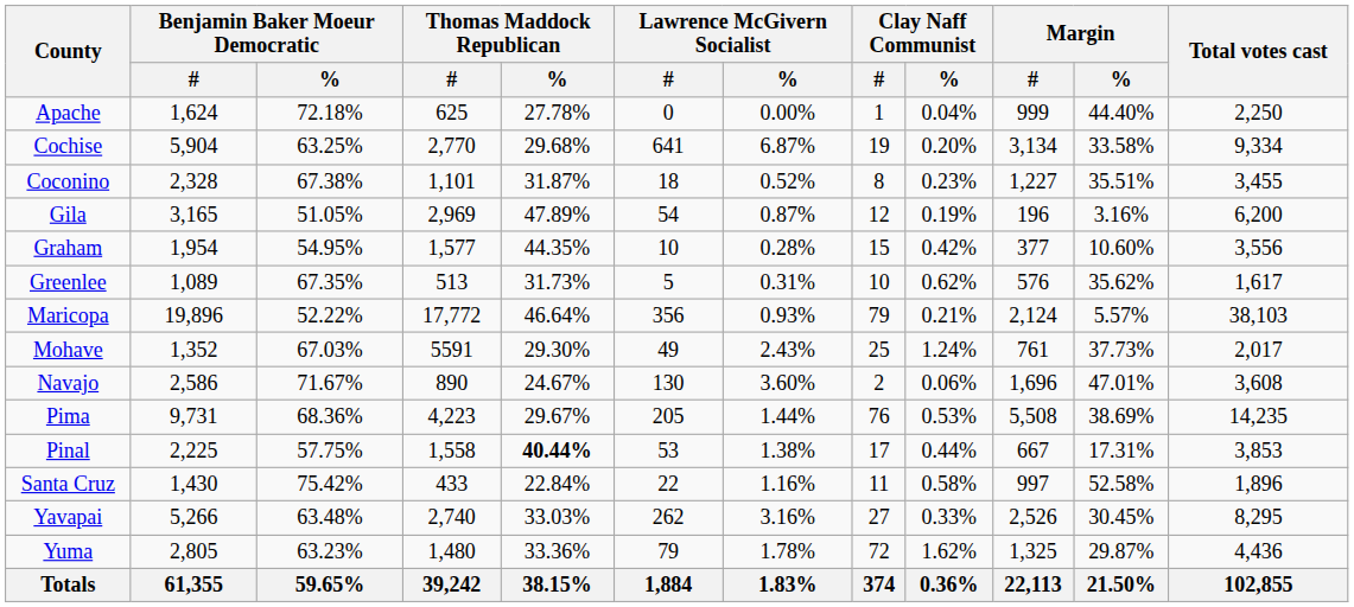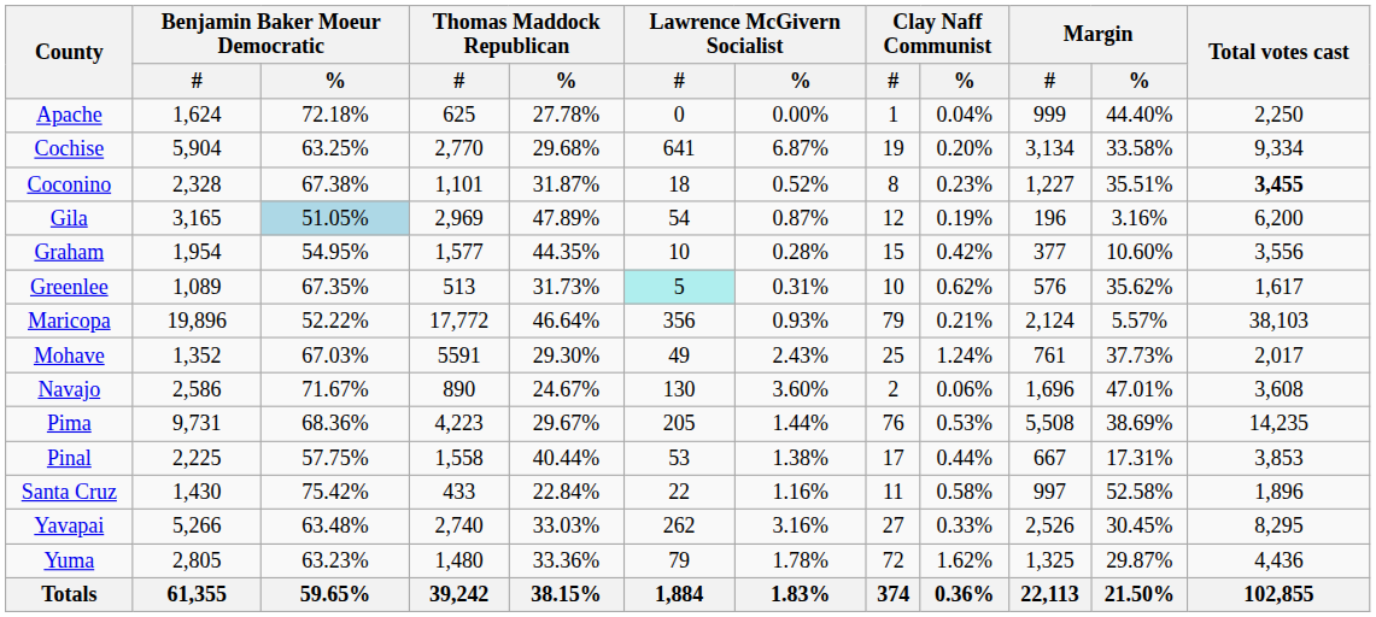 <table width="80%" class="wikitable sortable" style="text-align:center">
 <tr>
 <th rowspan="2">County</th>
 <th style="text-align:center;" colspan="2">Benjamin Baker Moeur<br>Democratic</th>
 <th style="text-align:center;" colspan="2">Thomas Maddock<br>Republican</th>
 <th style="text-align:center;" colspan="2">Lawrence McGivern<br>Socialist</th>
 <th style="text-align:center;" colspan="2">Clay Naff<br>Communist</th>
 <th style="text-align:center;" colspan="2">Margin</th>
 <th style="text-align:center;" rowspan="2">Total votes cast</th>
 </tr>
 <tr>
 <th style="text-align:center;" data-sort-type="number">#</th>
 <th style="text-align:center;" data-sort-type="number">%</th>
 <th style="text-align:center;" data-sort-type="number">#</th>
 <th style="text-align:center;" data-sort-type="number">%</th>
 <th style="text-align:center;" data-sort-type="number">#</th>
 <th style="text-align:center;" data-sort-type="number">%</th>
 <th style="text-align:center;" data-sort-type="number">#</th>
 <th style="text-align:center;" data-sort-type="number">%</th>
 <th style="text-align:center;" data-sort-type="number">#</th>
 <th style="text-align:center;" data-sort-type="number">%</th>
 </tr>
 <tr style="text-align:center;">
 <td><a href='#'>Apache</a></td>
 <td>1,624</td>
 <td>72.18%</td>
 <td>625</td>
 <td>27.78%</td>
 <td>0</td>
 <td>0.00%</td>
 <td>1</td>
 <td>0.04%</td>
 <td>999</td>
 <td>44.40%</td>
 <td>2,250</td>
 </tr>
 <tr style="text-align:center;">
 <td><a href='#'>Cochise</a></td>
 <td>5,904</td>
 <td>63.25%</td>
 <td>2,770</td>
 <td>29.68%</td>
 <td>641</td>
 <td>6.87%</td>
 <td>19</td>
 <td>0.20%</td>
 <td>3,134</td>
 <td>33.58%</td>
 <td>9,334</td>
 </tr>
 <tr style="text-align:center;">
 <td><a href='#'>Coconino</a></td>
 <td>2,328</td>
 <td>67.38%</td>
 <td>1,101</td>
 <td>31.87%</td>
 <td>18</td>
 <td>0.52%</td>
 <td>8</td>
 <td>0.23%</td>
 <td>1,227</td>
 <td>35.51%</td>
-<td>3,455</td>
+<td><strong>3,455</strong></td>
 </tr>
 <tr style="text-align:center;">
 <td><a href='#'>Gila</a></td>
 <td>3,165</td>
-<td>51.05%</td>
+<td style="background: lightblue;">51.05%</td>
 <td>2,969</td>
 <td>47.89%</td>
 <td>54</td>
 <td>0.87%</td>
 <td>12</td>
 <td>0.19%</td>
 <td>196</td>
 <td>3.16%</td>
 <td>6,200</td>
 </tr>
 <tr style="text-align:center;">
 <td><a href='#'>Graham</a></td>
 <td>1,954</td>
 <td>54.95%</td>
 <td>1,577</td>
 <td>44.35%</td>
 <td>10</td>
 <td>0.28%</td>
 <td>15</td>
 <td>0.42%</td>
 <td>377</td>
 <td>10.60%</td>
 <td>3,556</td>
 </tr>
 <tr style="text-align:center;">
 <td><a href='#'>Greenlee</a></td>
 <td>1,089</td>
 <td>67.35%</td>
 <td>513</td>
 <td>31.73%</td>
-<td>5</td>
+<td style="background: paleturquoise;">5</td>
 <td>0.31%</td>
 <td>10</td>
 <td>0.62%</td>
 <td>576</td>
 <td>35.62%</td>
 <td>1,617</td>
 </tr>
 <tr style="text-align:center;">
 <td><a href='#'>Maricopa</a></td>
 <td>19,896</td>
 <td>52.22%</td>
 <td>17,772</td>
 <td>46.64%</td>
 <td>356</td>
 <td>0.93%</td>
 <td>79</td>
 <td>0.21%</td>
 <td>2,124</td>
 <td>5.57%</td>
 <td>38,103</td>
 </tr>
 <tr style="text-align:center;">
 <td><a href='#'>Mohave</a></td>
 <td>1,352</td>
 <td>67.03%</td>
 <td>5591</td>
 <td>29.30%</td>
 <td>49</td>
 <td>2.43%</td>
 <td>25</td>
 <td>1.24%</td>
 <td>761</td>
 <td>37.73%</td>
 <td>2,017</td>
 </tr>
 <tr style="text-align:center;">
 <td><a href='#'>Navajo</a></td>
 <td>2,586</td>
 <td>71.67%</td>
 <td>890</td>
 <td>24.67%</td>
 <td>130</td>
 <td>3.60%</td>
 <td>2</td>
 <td>0.06%</td>
 <td>1,696</td>
 <td>47.01%</td>
 <td>3,608</td>
 </tr>
 <tr style="text-align:center;">
 <td><a href='#'>Pima</a></td>
 <td>9,731</td>
 <td>68.36%</td>
 <td>4,223</td>
 <td>29.67%</td>
 <td>205</td>
 <td>1.44%</td>
 <td>76</td>
 <td>0.53%</td>
 <td>5,508</td>
 <td>38.69%</td>
 <td>14,235</td>
 </tr>
 <tr style="text-align:center;">
 <td><a href='#'>Pinal</a></td>
 <td>2,225</td>
 <td>57.75%</td>
 <td>1,558</td>
-<td><strong>40.44%</strong></td>
+<td>40.44%</td>
 <td>53</td>
 <td>1.38%</td>
 <td>17</td>
 <td>0.44%</td>
 <td>667</td>
 <td>17.31%</td>
 <td>3,853</td>
 </tr>
 <tr style="text-align:center;">
 <td><a href='#'>Santa Cruz</a></td>
 <td>1,430</td>
 <td>75.42%</td>
 <td>433</td>
 <td>22.84%</td>
 <td>22</td>
 <td>1.16%</td>
 <td>11</td>
 <td>0.58%</td>
 <td>997</td>
 <td>52.58%</td>
 <td>1,896</td>
 </tr>
 <tr style="text-align:center;">
 <td><a href='#'>Yavapai</a></td>
 <td>5,266</td>
 <td>63.48%</td>
 <td>2,740</td>
 <td>33.03%</td>
 <td>262</td>
 <td>3.16%</td>
 <td>27</td>
 <td>0.33%</td>
 <td>2,526</td>
 <td>30.45%</td>
 <td>8,295</td>
 </tr>
 <tr style="text-align:center;">
 <td><a href='#'>Yuma</a></td>
 <td>2,805</td>
 <td>63.23%</td>
 <td>1,480</td>
 <td>33.36%</td>
 <td>79</td>
 <td>1.78%</td>
 <td>72</td>
 <td>1.62%</td>
 <td>1,325</td>
 <td>29.87%</td>
 <td>4,436</td>
 </tr>
 <tr style="text-align:center;">
 <th>Totals</th>
 <th>61,355</th>
 <th>59.65%</th>
 <th>39,242</th>
 <th>38.15%</th>
 <th>1,884</th>
 <th>1.83%</th>
 <th>374</th>
 <th>0.36%</th>
 <th>22,113</th>
 <th>21.50%</th>
 <th>102,855</th>
 </tr>
 </table>
